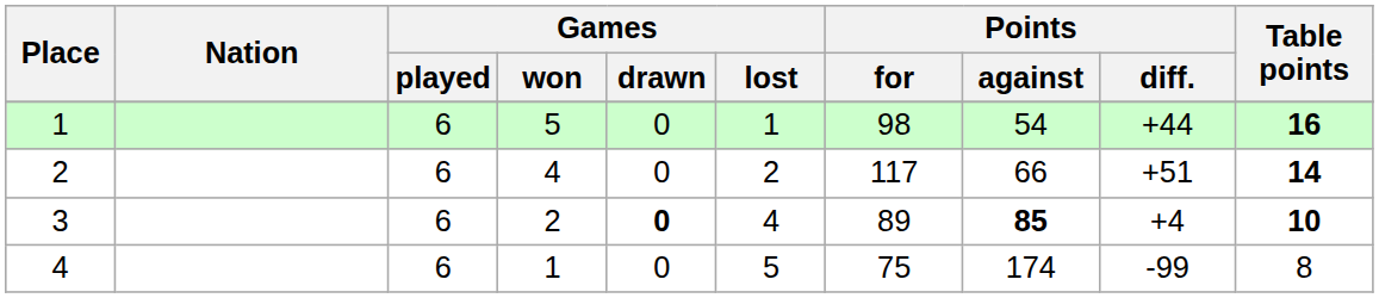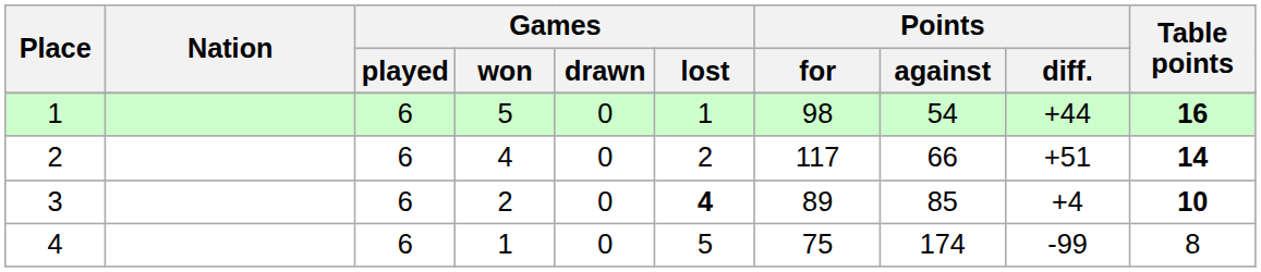 <table class="wikitable">
 <tr>
 <th rowspan=2 width="8%">Place</th>
 <th rowspan=2 width="20%">Nation</th>
 <th colspan=4 width="32%">Games</th>
 <th colspan=3 width="30%">Points</th>
 <th rowspan=2 width="10%">Table<br>points</th>
 </tr>
 <tr>
 <th width="8%">played</th>
 <th width="8%">won</th>
 <th width="8%">drawn</th>
 <th width="8%">lost</th>
 <th width="10%">for</th>
 <th width="10%">against</th>
 <th width="10%">diff.</th>
 </tr>
 <tr>
 </tr>
 <tr bgcolor=#ccffcc align=center>
 <td>1</td>
 <td align=left><strong></strong></td>
 <td>6</td>
 <td>5</td>
 <td>0</td>
 <td>1</td>
 <td>98</td>
 <td>54</td>
 <td>+44</td>
 <td><strong>16</strong></td>
 </tr>
 <tr bgcolor=#ffffff align=center>
 <td>2</td>
 <td align=left></td>
 <td>6</td>
 <td>4</td>
 <td>0</td>
 <td>2</td>
 <td>117</td>
 <td>66</td>
 <td>+51</td>
 <td><strong>14</strong></td>
 </tr>
 <tr bgcolor=#ffffff align=center>
 <td>3</td>
 <td align=left></td>
 <td>6</td>
 <td>2</td>
-<td><strong>0</strong></td>
-<td>4</td>
+<td>0</td>
+<td><strong>4</strong></td>
 <td>89</td>
-<td><strong>85</strong></td>
+<td>85</td>
 <td>+4</td>
 <td><strong>10</strong></td>
 </tr>
 <tr bgcolor=#ffffff align=center>
 <td>4</td>
 <td align=left></td>
 <td>6</td>
 <td>1</td>
 <td>0</td>
 <td>5</td>
 <td>75</td>
 <td>174</td>
 <td>-99</td>
 <td>8</td>
 </tr>
 </table>
